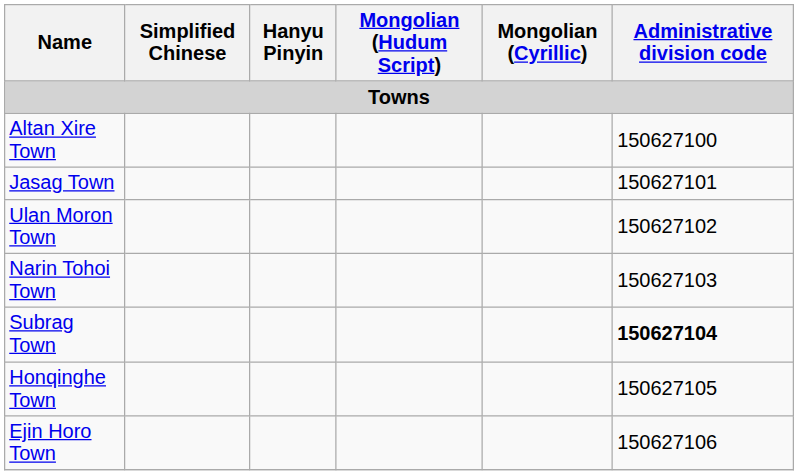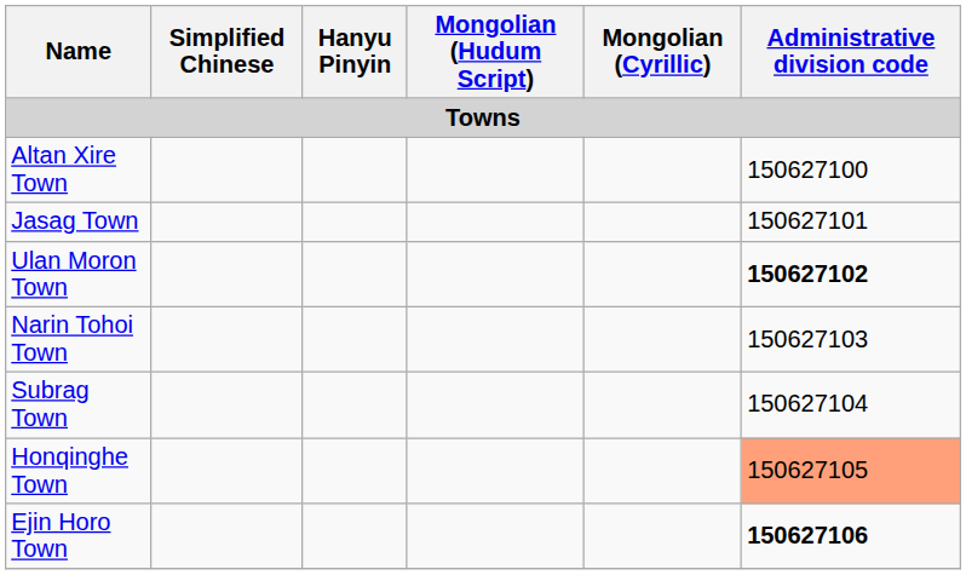 <table class="wikitable" align="center" style="width:50%; border="1">
 <tr>
 <th>Name</th>
 <th>Simplified Chinese</th>
 <th>Hanyu Pinyin</th>
 <th><a href='#'>Mongolian</a> (<a href='#'>Hudum Script</a>)</th>
 <th>Mongolian (<a href='#'>Cyrillic</a>)</th>
 <th><a href='#'>Administrative division code</a></th>
 </tr>
 <tr>
 <td colspan="6"  style="text-align:center; background:#d3d3d3;"><strong>Towns</strong></td>
 </tr>
 <tr --------->
 <td><a href='#'>Altan Xire Town</a></td>
 <td></td>
 <td></td>
 <td></td>
 <td></td>
 <td>150627100</td>
 </tr>
 <tr>
 <td><a href='#'>Jasag Town</a></td>
 <td></td>
 <td></td>
 <td></td>
 <td></td>
 <td>150627101</td>
 </tr>
 <tr>
 <td><a href='#'>Ulan Moron Town</a></td>
 <td></td>
 <td></td>
 <td></td>
 <td></td>
-<td>150627102</td>
+<td><strong>150627102</strong></td>
 </tr>
 <tr>
 <td><a href='#'>Narin Tohoi Town</a></td>
 <td></td>
 <td></td>
 <td></td>
 <td></td>
 <td>150627103</td>
 </tr>
 <tr>
 <td><a href='#'>Subrag Town</a></td>
 <td></td>
 <td></td>
 <td></td>
 <td></td>
-<td><strong>150627104</strong></td>
+<td>150627104</td>
 </tr>
 <tr>
 <td><a href='#'>Honqinghe Town</a></td>
 <td></td>
 <td></td>
 <td></td>
 <td></td>
-<td>150627105</td>
+<td style="background: lightsalmon;">150627105</td>
 </tr>
 <tr>
 <td><a href='#'>Ejin Horo Town</a></td>
 <td></td>
 <td></td>
 <td></td>
 <td></td>
-<td>150627106</td>
+<td><strong>150627106</strong></td>
 </tr>
 <tr>
 </tr>
 </table>
